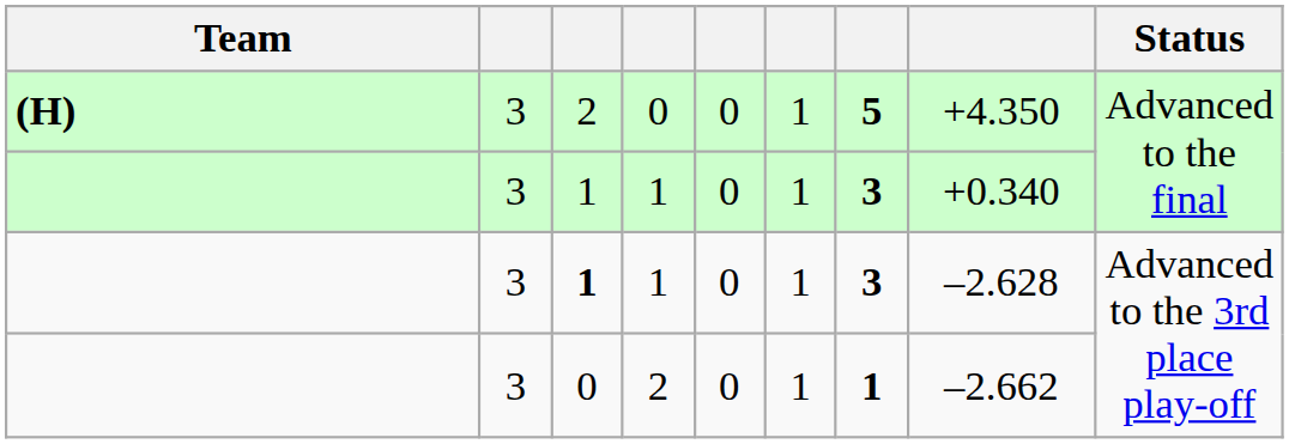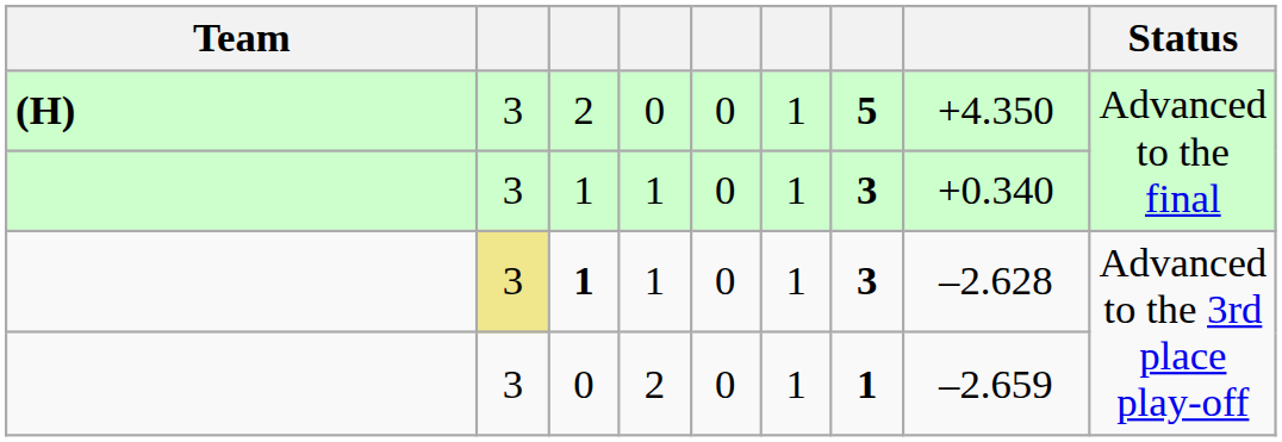 <table class="wikitable" style="text-align:center">
 <tr>
 <th style="width:175px;">Team</th>
 <th style="width:20px;"></th>
 <th style="width:20px;"></th>
 <th style="width:20px;"></th>
 <th style="width:20px;"></th>
 <th style="width:20px;"></th>
 <th style="width:20px;"></th>
 <th style="width:65px;"></th>
 <th style="width:65px;">Status</th>
 </tr>
 <tr style="background:#cfc;">
 <td style="text-align:left"> <strong>(H)</strong></td>
 <td>3</td>
 <td>2</td>
 <td>0</td>
 <td>0</td>
 <td>1</td>
 <td><strong>5</strong></td>
 <td>+4.350</td>
 <td rowspan="2">Advanced to the <a href='#'>final</a></td>
 </tr>
 <tr style="background:#cfc;">
 <td style="text-align:left"></td>
 <td>3</td>
 <td>1</td>
 <td>1</td>
 <td>0</td>
 <td>1</td>
 <td><strong>3</strong></td>
 <td>+0.340</td>
 </tr>
 <tr>
 <td style="text-align:left"></td>
-<td>3</td>
+<td style="background: khaki;">3</td>
 <td><strong>1</strong></td>
 <td>1</td>
 <td>0</td>
 <td>1</td>
 <td><strong>3</strong></td>
 <td>–2.628</td>
 <td rowspan="2">Advanced to the <a href='#'>3rd place play-off</a></td>
 </tr>
 <tr>
 <td style="text-align:left"></td>
 <td>3</td>
 <td>0</td>
 <td>2</td>
 <td>0</td>
 <td>1</td>
 <td><strong>1</strong></td>
-<td>–2.662</td>
+<td>–2.659</td>
 </tr>
 </table>
